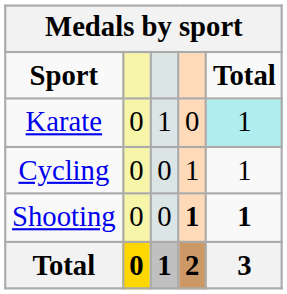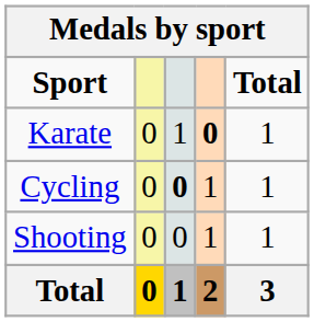 <table class="wikitable" style="font-size:85%; float:right">
 <tr style="background:#efefef;">
 <th colspan=7><strong>Medals by sport</strong></th>
 </tr>
 <tr align=center>
 <td><strong>Sport</strong></td>
 <td style="background:#f7f6a8;"></td>
 <td style="background:#dce5e5;"></td>
 <td style="background:#ffdab9;"></td>
 <td><strong>Total</strong></td>
 </tr>
 <tr align=center>
 <td><a href='#'>Karate</a></td>
 <td style="background:#f7f6a8;">0</td>
 <td style="background:#dce5e5;">1</td>
-<td style="background:#ffdab9;">0</td>
-<td style="background: paleturquoise;">1</td>
+<td style="background:#ffdab9;"><strong>0</strong></td>
+<td>1</td>
 </tr>
 <tr align=center>
 <td><a href='#'>Cycling</a></td>
 <td style="background:#f7f6a8;">0</td>
-<td style="background:#dce5e5;">0</td>
+<td style="background:#dce5e5;"><strong>0</strong></td>
 <td style="background:#ffdab9;">1</td>
 <td>1</td>
 </tr>
 <tr align=center>
 <td><a href='#'>Shooting</a></td>
 <td style="background:#f7f6a8;">0</td>
 <td style="background:#dce5e5;">0</td>
-<td style="background:#ffdab9;"><strong>1</strong></td>
-<td><strong>1</strong></td>
+<td style="background:#ffdab9;">1</td>
+<td>1</td>
 </tr>
 <tr align=center>
 <th><strong>Total</strong></th>
 <th style="background:gold;"><strong>0</strong></th>
 <th style="background:silver;"><strong>1</strong></th>
 <th style="background:#c96;"><strong>2</strong></th>
 <th><strong>3</strong></th>
 </tr>
 </table>
